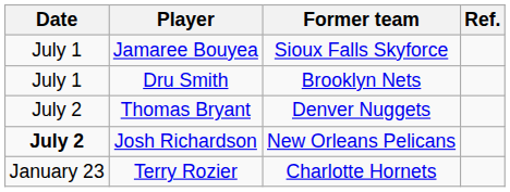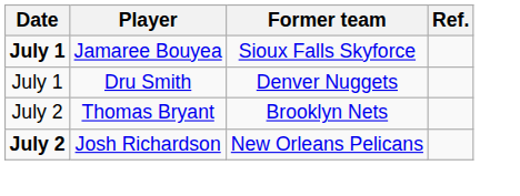 <table class="wikitable sortable sortable" style="text-align: center">
 <tr>
 <th>Date</th>
 <th>Player</th>
 <th>Former team</th>
 <th>Ref.</th>
 </tr>
 <tr>
-<td>July 1</td>
+<td><strong>July 1</strong></td>
 <td><a href='#'>Jamaree Bouyea</a></td>
 <td><a href='#'>Sioux Falls Skyforce</a></td>
 <td></td>
 </tr>
 <tr>
 <td>July 1</td>
 <td><a href='#'>Dru Smith</a></td>
-<td><a href='#'>Brooklyn Nets</a></td>
+<td><a href='#'>Denver Nuggets</a></td>
 <td></td>
 </tr>
 <tr>
 <td>July 2</td>
 <td><a href='#'>Thomas Bryant</a></td>
-<td><a href='#'>Denver Nuggets</a></td>
+<td><a href='#'>Brooklyn Nets</a></td>
 <td></td>
 </tr>
 <tr>
 <td><strong>July 2</strong></td>
 <td><a href='#'>Josh Richardson</a></td>
 <td><a href='#'>New Orleans Pelicans</a></td>
 <td></td>
 </tr>
-<tr>
-<td>January 23</td>
-<td><a href='#'>Terry Rozier</a></td>
-<td><a href='#'>Charlotte Hornets</a></td>
-<td></td>
-</tr>
 </table>
